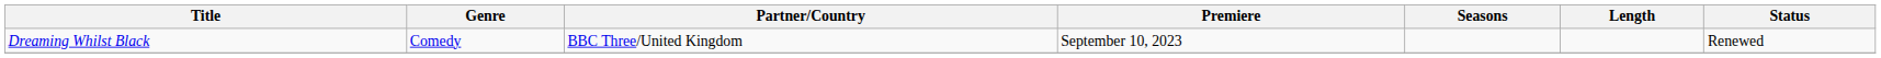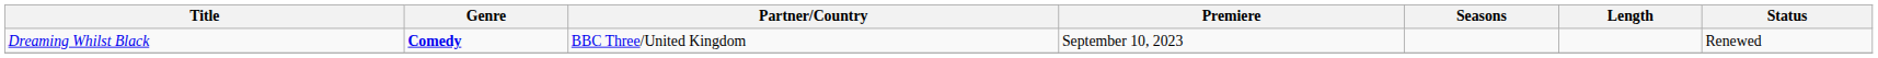 <table class="wikitable sortable" style="width:100%;">
 <tr>
 <th>Title</th>
 <th>Genre</th>
 <th>Partner/Country</th>
 <th>Premiere</th>
 <th>Seasons</th>
 <th>Length</th>
 <th>Status</th>
 </tr>
 <tr>
 <td><em><a href='#'>Dreaming Whilst Black</a></em></td>
-<td><a href='#'>Comedy</a></td>
+<td><strong><a href='#'>Comedy</a></strong></td>
 <td><a href='#'>BBC Three</a>/United Kingdom</td>
 <td>September 10, 2023</td>
 <td></td>
 <td></td>
 <td>Renewed</td>
 </tr>
 <tr>
 </tr>
 </table>
